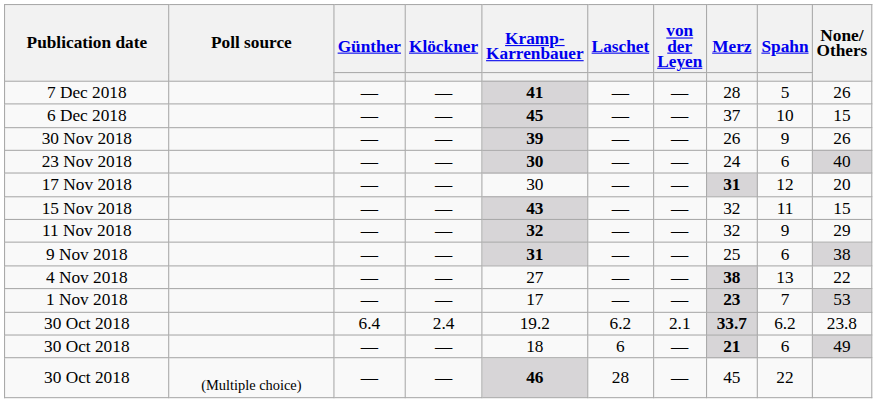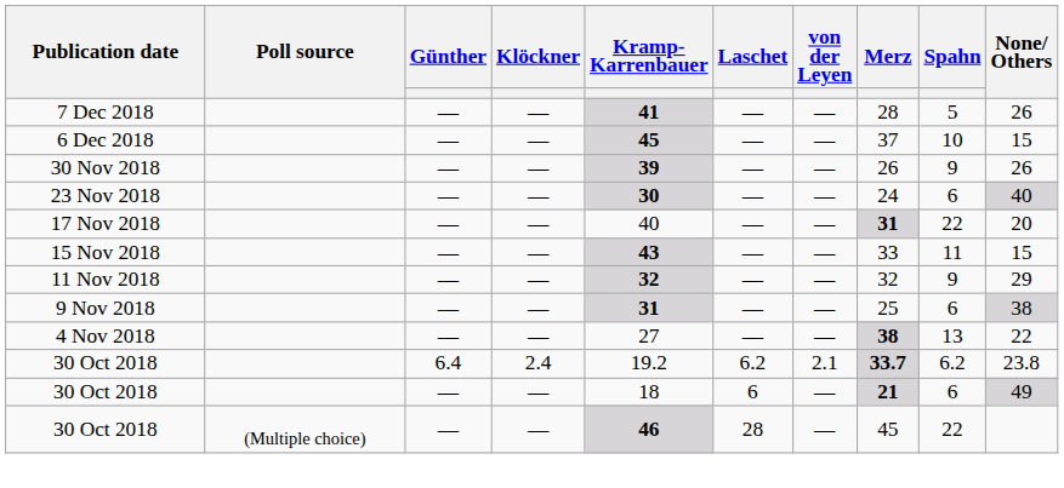 <table class="wikitable" style="text-align:center; font-size:100%; line-height:14px;">
 <tr style="height:42px;">
 <th style="width:145px;" rowspan="2">Publication date</th>
 <th style="width:145px;" rowspan="2">Poll source</th>
 <th style="width:40px;"><br><a href='#'>Günther</a></th>
 <th style="width:40px;"><br><a href='#'>Klöckner</a></th>
 <th style="width:40px;"><br><a href='#'>Kramp-Karrenbauer</a></th>
 <th style="width:40px;"><br><a href='#'>Laschet</a></th>
 <th style="width:40px;"><br><a href='#'>von der Leyen</a></th>
 <th style="width:40px;"><br><a href='#'>Merz</a><br></th>
 <th style="width:40px;"><br><a href='#'>Spahn</a></th>
 <th style="width:40px;" rowspan="2">None/<br>Others</th>
 </tr>
 <tr>
 <th style="color:inherit;background:"></th>
 <th style="color:inherit;background:"></th>
 <th style="color:inherit;background:"></th>
 <th style="color:inherit;background:"></th>
 <th style="color:inherit;background:"></th>
 <th style="color:inherit;background:"></th>
 <th style="color:inherit;background:"></th>
 </tr>
 <tr>
 <td>7 Dec 2018</td>
 <td></td>
 <td>—</td>
 <td>—</td>
 <td style="background:#D7D5D7"><strong>41</strong></td>
 <td>—</td>
 <td>—</td>
 <td>28</td>
 <td>5</td>
 <td>26</td>
 </tr>
 <tr>
 <td>6 Dec 2018</td>
 <td></td>
 <td>—</td>
 <td>—</td>
 <td style="background:#D7D5D7"><strong>45</strong></td>
 <td>—</td>
 <td>—</td>
 <td>37</td>
 <td>10</td>
 <td>15</td>
 </tr>
 <tr>
 <td>30 Nov 2018</td>
 <td></td>
 <td>—</td>
 <td>—</td>
 <td style="background:#D7D5D7"><strong>39</strong></td>
 <td>—</td>
 <td>—</td>
 <td>26</td>
 <td>9</td>
 <td>26</td>
 </tr>
 <tr>
 <td>23 Nov 2018</td>
 <td></td>
 <td>—</td>
 <td>—</td>
 <td style="background:#D7D5D7"><strong>30</strong></td>
 <td>—</td>
 <td>—</td>
 <td>24</td>
 <td>6</td>
 <td style="background:#D7D5D7">40</td>
 </tr>
 <tr>
 <td>17 Nov 2018</td>
 <td></td>
 <td>—</td>
 <td>—</td>
-<td>30</td>
+<td>40</td>
 <td>—</td>
 <td>—</td>
 <td style="background:#D7D5D7"><strong>31</strong></td>
-<td>12</td>
+<td>22</td>
 <td>20</td>
 </tr>
 <tr>
 <td>15 Nov 2018</td>
 <td></td>
 <td>—</td>
 <td>—</td>
 <td style="background:#D7D5D7"><strong>43</strong></td>
 <td>—</td>
 <td>—</td>
-<td>32</td>
+<td>33</td>
 <td>11</td>
 <td>15</td>
 </tr>
 <tr>
 <td>11 Nov 2018</td>
 <td></td>
 <td>—</td>
 <td>—</td>
 <td style="background:#D7D5D7"><strong>32</strong></td>
 <td>—</td>
 <td>—</td>
 <td>32</td>
 <td>9</td>
 <td>29</td>
 </tr>
 <tr>
 <td>9 Nov 2018</td>
 <td></td>
 <td>—</td>
 <td>—</td>
 <td style="background:#D7D5D7"><strong>31</strong></td>
 <td>—</td>
 <td>—</td>
 <td>25</td>
 <td>6</td>
 <td style="background:#D7D5D7">38</td>
 </tr>
 <tr>
 <td>4 Nov 2018</td>
 <td></td>
 <td>—</td>
 <td>—</td>
 <td>27</td>
 <td>—</td>
 <td>—</td>
 <td style="background:#D7D5D7"><strong>38</strong></td>
 <td>13</td>
 <td>22</td>
 </tr>
 <tr>
-<td>1 Nov 2018</td>
-<td> </td>
-<td>—</td>
-<td>—</td>
-<td>17</td>
-<td>—</td>
-<td>—</td>
-<td style="background:#D7D5D7"><strong>23</strong></td>
-<td>7</td>
-<td style="background:#D7D5D7">53</td>
-</tr>
-<tr>
 <td>30 Oct 2018</td>
 <td></td>
 <td>6.4</td>
 <td>2.4</td>
 <td>19.2</td>
 <td>6.2</td>
 <td>2.1</td>
 <td style="background:#D7D5D7"><strong>33.7</strong></td>
 <td>6.2</td>
 <td>23.8</td>
 </tr>
 <tr>
 <td>30 Oct 2018</td>
 <td> </td>
 <td>—</td>
 <td>—</td>
 <td>18</td>
 <td>6</td>
 <td>—</td>
 <td style="background:#D7D5D7"><strong>21</strong></td>
 <td>6</td>
 <td style="background:#D7D5D7">49</td>
 </tr>
 <tr>
 <td>30 Oct 2018</td>
 <td><br><small>(Multiple choice)</small></td>
 <td>—</td>
 <td>—</td>
 <td style="background:#D7D5D7"><strong>46</strong></td>
 <td>28</td>
 <td>—</td>
 <td>45</td>
 <td>22</td>
 <td></td>
 </tr>
 </table>
